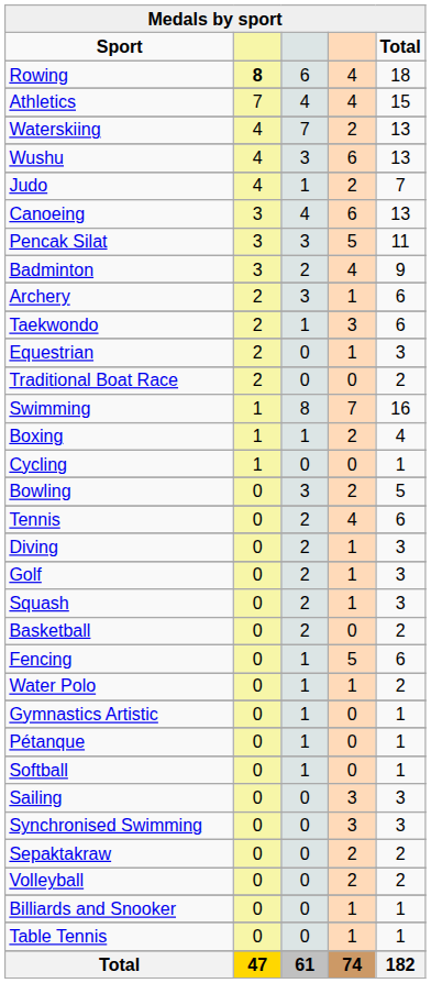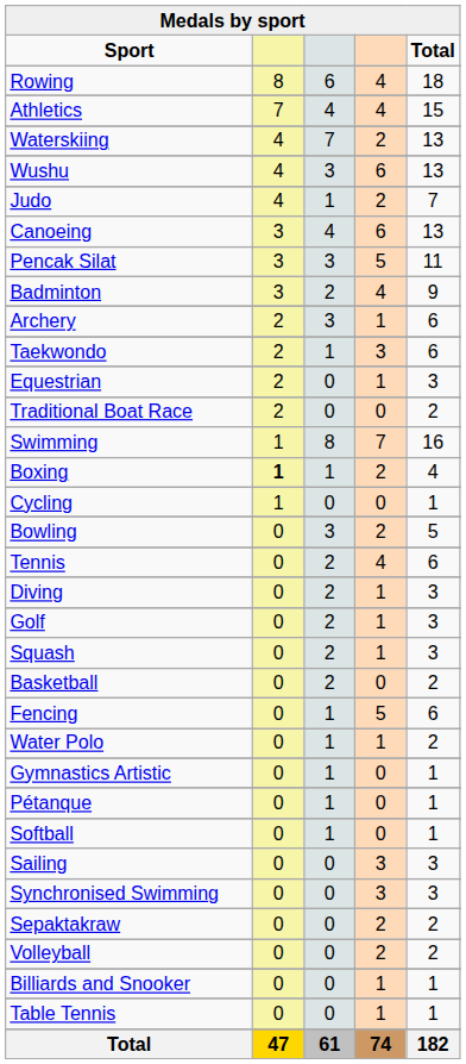 <table class="wikitable" style="font-size:85%; text-align:center;">
 <tr style="background:#efefef;">
 <td colspan=5><strong>Medals by sport</strong></td>
 </tr>
 <tr>
 <td width=170><strong>Sport</strong></td>
 <td width=30 style="background:#f7f6a8;"></td>
 <td width=30 style="background:#dce5e5;"></td>
 <td width=30 style="background:#ffdab9;"></td>
 <td width=30><strong>Total</strong></td>
 </tr>
 <tr>
 </tr>
 <tr>
 <td align=left> <a href='#'>Rowing</a></td>
-<td style="background:#F7F6A8;"><strong>8</strong></td>
+<td style="background:#F7F6A8;">8</td>
 <td style="background:#DCE5E5;">6</td>
 <td style="background:#FFDAB9;">4</td>
 <td>18</td>
 </tr>
 <tr>
 </tr>
 <tr>
 <td align=left> <a href='#'>Athletics</a></td>
 <td style="background:#F7F6A8;">7</td>
 <td style="background:#DCE5E5;">4</td>
 <td style="background:#FFDAB9;">4</td>
 <td>15</td>
 </tr>
 <tr>
 </tr>
 <tr>
 <td align=left> <a href='#'>Waterskiing</a></td>
 <td style="background:#F7F6A8;">4</td>
 <td style="background:#DCE5E5;">7</td>
 <td style="background:#FFDAB9;">2</td>
 <td>13</td>
 </tr>
 <tr>
 </tr>
 <tr>
 <td align=left> <a href='#'>Wushu</a></td>
 <td style="background:#F7F6A8;">4</td>
 <td style="background:#DCE5E5;">3</td>
 <td style="background:#FFDAB9;">6</td>
 <td>13</td>
 </tr>
 <tr>
 </tr>
 <tr>
 <td align=left> <a href='#'>Judo</a></td>
 <td style="background:#F7F6A8;">4</td>
 <td style="background:#DCE5E5;">1</td>
 <td style="background:#FFDAB9;">2</td>
 <td>7</td>
 </tr>
 <tr>
 </tr>
 <tr>
 <td align=left> <a href='#'>Canoeing</a></td>
 <td style="background:#F7F6A8;">3</td>
 <td style="background:#DCE5E5;">4</td>
 <td style="background:#FFDAB9;">6</td>
 <td>13</td>
 </tr>
 <tr>
 </tr>
 <tr>
 <td align=left> <a href='#'>Pencak Silat</a></td>
 <td style="background:#F7F6A8;">3</td>
 <td style="background:#DCE5E5;">3</td>
 <td style="background:#FFDAB9;">5</td>
 <td>11</td>
 </tr>
 <tr>
 </tr>
 <tr>
 <td align=left> <a href='#'>Badminton</a></td>
 <td style="background:#F7F6A8;">3</td>
 <td style="background:#DCE5E5;">2</td>
 <td style="background:#FFDAB9;">4</td>
 <td>9</td>
 </tr>
 <tr>
 </tr>
 <tr>
 <td align=left> <a href='#'>Archery</a></td>
 <td style="background:#F7F6A8;">2</td>
 <td style="background:#DCE5E5;">3</td>
 <td style="background:#FFDAB9;">1</td>
 <td>6</td>
 </tr>
 <tr>
 </tr>
 <tr>
 <td align=left> <a href='#'>Taekwondo</a></td>
 <td style="background:#F7F6A8;">2</td>
 <td style="background:#DCE5E5;">1</td>
 <td style="background:#FFDAB9;">3</td>
 <td>6</td>
 </tr>
 <tr>
 </tr>
 <tr>
 <td align=left> <a href='#'>Equestrian</a></td>
 <td style="background:#F7F6A8;">2</td>
 <td style="background:#DCE5E5;">0</td>
 <td style="background:#FFDAB9;">1</td>
 <td>3</td>
 </tr>
 <tr>
 </tr>
 <tr>
 <td align=left> <a href='#'>Traditional Boat Race</a></td>
 <td style="background:#F7F6A8;">2</td>
 <td style="background:#DCE5E5;">0</td>
 <td style="background:#FFDAB9;">0</td>
 <td>2</td>
 </tr>
 <tr>
 </tr>
 <tr>
 <td align=left> <a href='#'>Swimming</a></td>
 <td style="background:#F7F6A8;">1</td>
 <td style="background:#DCE5E5;">8</td>
 <td style="background:#FFDAB9;">7</td>
 <td>16</td>
 </tr>
 <tr>
 </tr>
 <tr>
 <td align=left> <a href='#'>Boxing</a></td>
-<td style="background:#F7F6A8;">1</td>
+<td style="background:#F7F6A8;"><strong>1</strong></td>
 <td style="background:#DCE5E5;">1</td>
 <td style="background:#FFDAB9;">2</td>
 <td>4</td>
 </tr>
 <tr>
 </tr>
 <tr>
 <td align=left> <a href='#'>Cycling</a></td>
 <td style="background:#F7F6A8;">1</td>
 <td style="background:#DCE5E5;">0</td>
 <td style="background:#FFDAB9;">0</td>
 <td>1</td>
 </tr>
 <tr>
 </tr>
 <tr>
 <td align=left> <a href='#'>Bowling</a></td>
 <td style="background:#F7F6A8;">0</td>
 <td style="background:#DCE5E5;">3</td>
 <td style="background:#FFDAB9;">2</td>
 <td>5</td>
 </tr>
 <tr>
 </tr>
 <tr>
 <td align=left> <a href='#'>Tennis</a></td>
 <td style="background:#F7F6A8;">0</td>
 <td style="background:#DCE5E5;">2</td>
 <td style="background:#FFDAB9;">4</td>
 <td>6</td>
 </tr>
 <tr>
 </tr>
 <tr>
 <td align=left> <a href='#'>Diving</a></td>
 <td style="background:#F7F6A8;">0</td>
 <td style="background:#DCE5E5;">2</td>
 <td style="background:#FFDAB9;">1</td>
 <td>3</td>
 </tr>
 <tr>
 </tr>
 <tr>
 <td align=left> <a href='#'>Golf</a></td>
 <td style="background:#F7F6A8;">0</td>
 <td style="background:#DCE5E5;">2</td>
 <td style="background:#FFDAB9;">1</td>
 <td>3</td>
 </tr>
 <tr>
 </tr>
 <tr>
 <td align=left> <a href='#'>Squash</a></td>
 <td style="background:#F7F6A8;">0</td>
 <td style="background:#DCE5E5;">2</td>
 <td style="background:#FFDAB9;">1</td>
 <td>3</td>
 </tr>
 <tr>
 </tr>
 <tr>
 <td align=left> <a href='#'>Basketball</a></td>
 <td style="background:#F7F6A8;">0</td>
 <td style="background:#DCE5E5;">2</td>
 <td style="background:#FFDAB9;">0</td>
 <td>2</td>
 </tr>
 <tr>
 </tr>
 <tr>
 <td align=left> <a href='#'>Fencing</a></td>
 <td style="background:#F7F6A8;">0</td>
 <td style="background:#DCE5E5;">1</td>
 <td style="background:#FFDAB9;">5</td>
 <td>6</td>
 </tr>
 <tr>
 </tr>
 <tr>
 <td align=left> <a href='#'>Water Polo</a></td>
 <td style="background:#F7F6A8;">0</td>
 <td style="background:#DCE5E5;">1</td>
 <td style="background:#FFDAB9;">1</td>
 <td>2</td>
 </tr>
 <tr>
 </tr>
 <tr>
 <td align=left> <a href='#'>Gymnastics Artistic</a></td>
 <td style="background:#F7F6A8;">0</td>
 <td style="background:#DCE5E5;">1</td>
 <td style="background:#FFDAB9;">0</td>
 <td>1</td>
 </tr>
 <tr>
 </tr>
 <tr>
 <td align=left> <a href='#'>Pétanque</a></td>
 <td style="background:#F7F6A8;">0</td>
 <td style="background:#DCE5E5;">1</td>
 <td style="background:#FFDAB9;">0</td>
 <td>1</td>
 </tr>
 <tr>
 </tr>
 <tr>
 <td align=left> <a href='#'>Softball</a></td>
 <td style="background:#F7F6A8;">0</td>
 <td style="background:#DCE5E5;">1</td>
 <td style="background:#FFDAB9;">0</td>
 <td>1</td>
 </tr>
 <tr>
 </tr>
 <tr>
 <td align=left> <a href='#'>Sailing</a></td>
 <td style="background:#F7F6A8;">0</td>
 <td style="background:#DCE5E5;">0</td>
 <td style="background:#FFDAB9;">3</td>
 <td>3</td>
 </tr>
 <tr>
 </tr>
 <tr>
 <td align=left> <a href='#'>Synchronised Swimming</a></td>
 <td style="background:#F7F6A8;">0</td>
 <td style="background:#DCE5E5;">0</td>
 <td style="background:#FFDAB9;">3</td>
 <td>3</td>
 </tr>
 <tr>
 </tr>
 <tr>
 <td align=left> <a href='#'>Sepaktakraw</a></td>
 <td style="background:#F7F6A8;">0</td>
 <td style="background:#DCE5E5;">0</td>
 <td style="background:#FFDAB9;">2</td>
 <td>2</td>
 </tr>
 <tr>
 </tr>
 <tr>
 <td align=left> <a href='#'>Volleyball</a></td>
 <td style="background:#F7F6A8;">0</td>
 <td style="background:#DCE5E5;">0</td>
 <td style="background:#FFDAB9;">2</td>
 <td>2</td>
 </tr>
 <tr>
 </tr>
 <tr>
 <td align=left> <a href='#'>Billiards and Snooker</a></td>
 <td style="background:#F7F6A8;">0</td>
 <td style="background:#DCE5E5;">0</td>
 <td style="background:#FFDAB9;">1</td>
 <td>1</td>
 </tr>
 <tr>
 </tr>
 <tr>
 <td align=left> <a href='#'>Table Tennis</a></td>
 <td style="background:#F7F6A8;">0</td>
 <td style="background:#DCE5E5;">0</td>
 <td style="background:#FFDAB9;">1</td>
 <td>1</td>
 </tr>
 <tr>
 </tr>
 <tr>
 <th>Total</th>
 <th style="background:gold;">47</th>
 <th style="background:silver;">61</th>
 <th style="background:#c96;">74</th>
 <th>182</th>
 </tr>
 </table>
